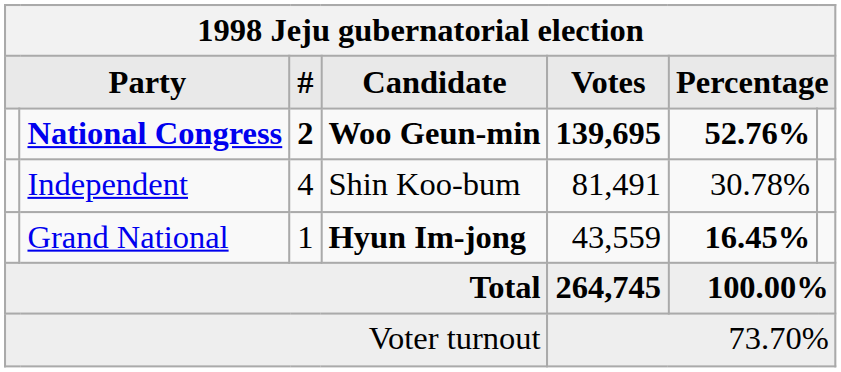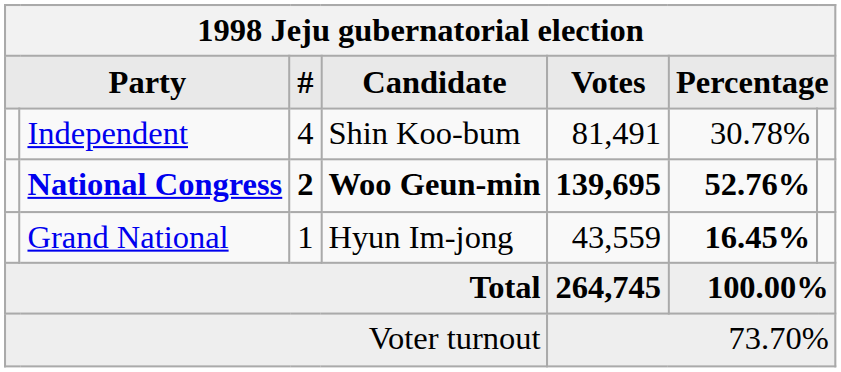 <table class="wikitable">
 <tr>
 <th colspan="7">1998 Jeju gubernatorial election</th>
 </tr>
 <tr>
 <th style="background-color:#E9E9E9" colspan=2>Party</th>
 <th style="background-color:#E9E9E9">#</th>
 <th style="background-color:#E9E9E9">Candidate</th>
 <th style="background-color:#E9E9E9">Votes</th>
 <th style="background-color:#E9E9E9" colspan=2>Percentage</th>
+</tr>
+<tr>
+<td></td>
+<td align=left><a href='#'>Independent</a></td>
+<td align=center>4</td>
+<td align=left>Shin Koo-bum</td>
+<td align=right>81,491</td>
+<td align=right>30.78%</td>
+<td align=right></td>
 </tr>
 <tr style="font-weight:bold">
 <td></td>
 <td align=left><a href='#'>National Congress</a></td>
 <td align=center>2</td>
 <td align=left>Woo Geun-min</td>
 <td align=right>139,695</td>
 <td align=right>52.76%</td>
 <td align=right></td>
 </tr>
 <tr>
 <td></td>
-<td align=left><a href='#'>Independent</a></td>
-<td align=center>4</td>
-<td align=left>Shin Koo-bum</td>
-<td align=right>81,491</td>
-<td align=right>30.78%</td>
-<td align=right></td>
-</tr>
-<tr>
-<td></td>
 <td align=left><a href='#'>Grand National</a></td>
 <td align=center>1</td>
-<td align=left><strong>Hyun Im-jong</strong></td>
+<td align=left>Hyun Im-jong</td>
 <td align=right>43,559</td>
 <td align=right><strong>16.45%</strong></td>
 <td align=right></td>
 </tr>
 <tr bgcolor="#EEEEEE" style="font-weight:bold">
 <td colspan="4" align=right>Total</td>
 <td align=right>264,745</td>
 <td align=right colspan=2>100.00%</td>
 </tr>
 <tr bgcolor="#EEEEEE">
 <td colspan="4" align="right">Voter turnout</td>
 <td colspan="3" align="right">73.70%</td>
 </tr>
 </table>
